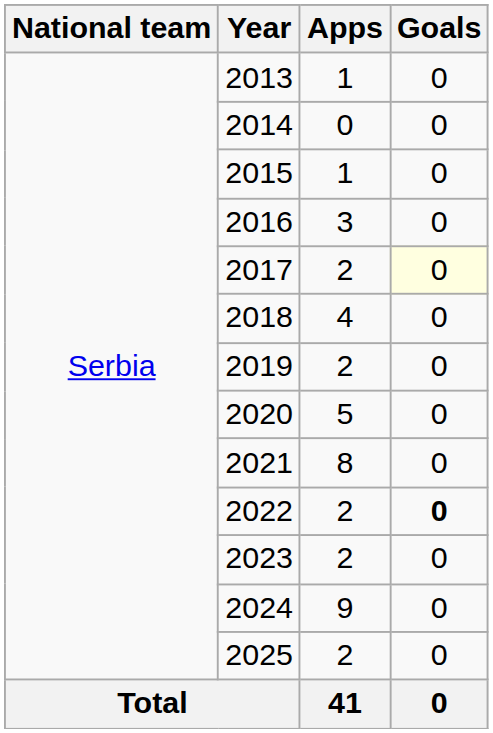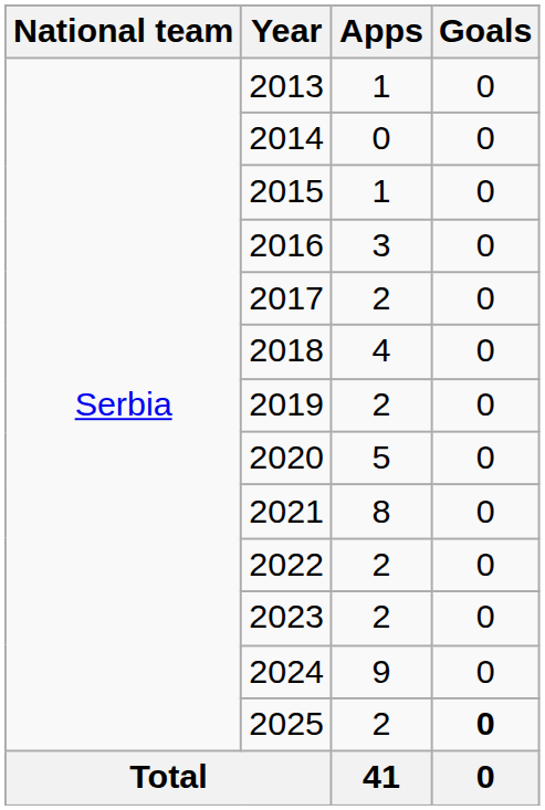 <table class="wikitable" style="text-align:center">
 <tr>
 <th>National team</th>
 <th>Year</th>
 <th>Apps</th>
 <th>Goals</th>
 </tr>
 <tr>
 <td rowspan="13"><a href='#'>Serbia</a></td>
 <td>2013</td>
 <td>1</td>
 <td>0</td>
 </tr>
 <tr>
 <td>2014</td>
 <td>0</td>
 <td>0</td>
 </tr>
 <tr>
 <td>2015</td>
 <td>1</td>
 <td>0</td>
 </tr>
 <tr>
 <td>2016</td>
 <td>3</td>
 <td>0</td>
 </tr>
 <tr>
 <td>2017</td>
 <td>2</td>
-<td style="background: lightyellow;">0</td>
+<td>0</td>
 </tr>
 <tr>
 <td>2018</td>
 <td>4</td>
 <td>0</td>
 </tr>
 <tr>
 <td>2019</td>
 <td>2</td>
 <td>0</td>
 </tr>
 <tr>
 <td>2020</td>
 <td>5</td>
 <td>0</td>
 </tr>
 <tr>
 <td>2021</td>
 <td>8</td>
 <td>0</td>
 </tr>
 <tr>
 <td>2022</td>
 <td>2</td>
-<td><strong>0</strong></td>
+<td>0</td>
 </tr>
 <tr>
 <td>2023</td>
 <td>2</td>
 <td>0</td>
 </tr>
 <tr>
 <td>2024</td>
 <td>9</td>
 <td>0</td>
 </tr>
 <tr>
 <td>2025</td>
 <td>2</td>
-<td>0</td>
+<td><strong>0</strong></td>
 </tr>
 <tr>
 <th colspan="2">Total</th>
 <th>41</th>
 <th>0</th>
 </tr>
 </table>
